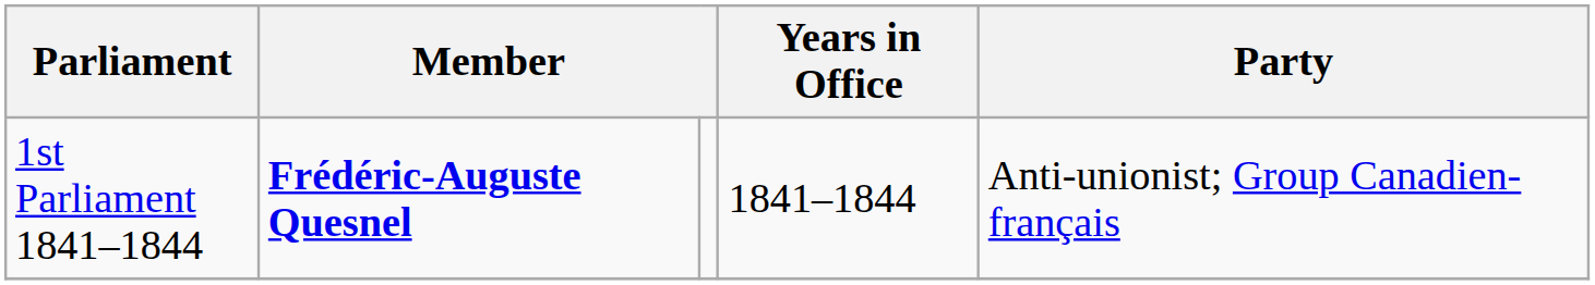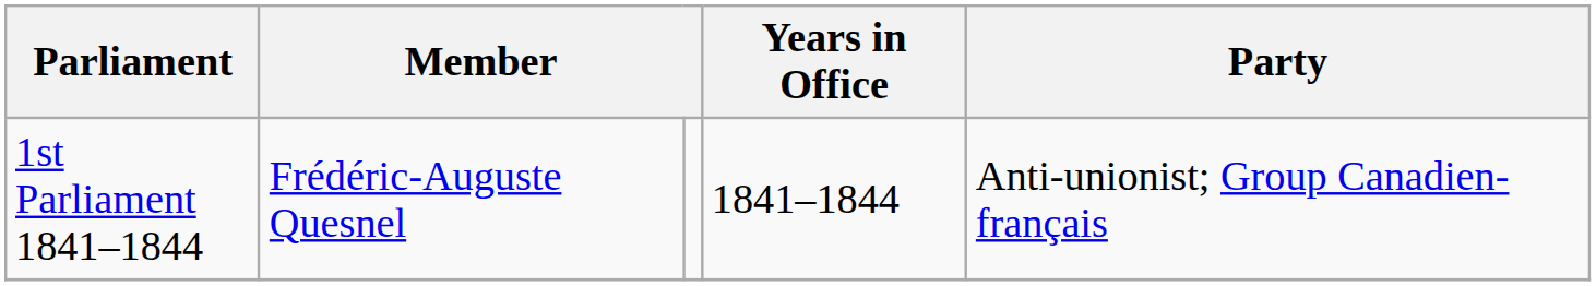 <table class="wikitable">
 <tr>
 <th>Parliament</th>
 <th colspan="2">Member</th>
 <th>Years in Office</th>
 <th>Party</th>
 </tr>
 <tr>
 <td><a href='#'>1st Parliament</a><br>1841–1844</td>
-<td><strong><a href='#'>Frédéric-Auguste Quesnel</a></strong></td>
+<td><a href='#'>Frédéric-Auguste Quesnel</a></td>
 <td></td>
 <td>1841–1844</td>
 <td>Anti-unionist; <a href='#'>Group Canadien-français</a></td>
 </tr>
 <tr>
 </tr>
 </table>
